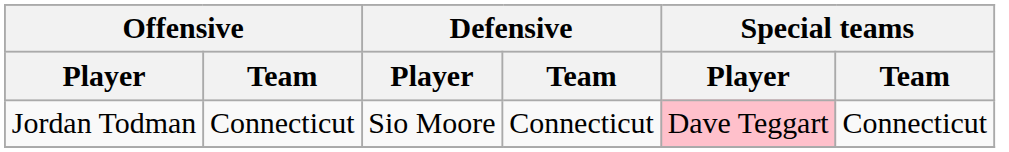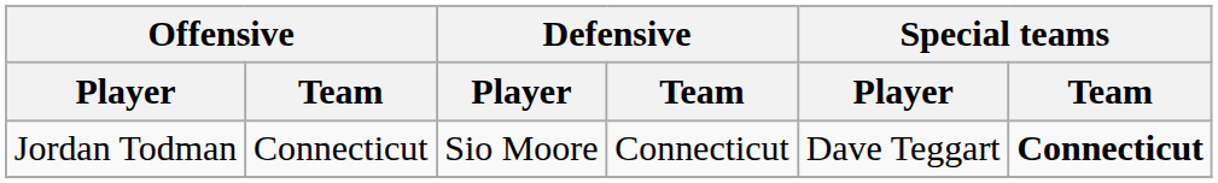 <table class="wikitable" border="1">
 <tr>
 <th colspan="2">Offensive</th>
 <th colspan="2">Defensive</th>
 <th colspan="2">Special teams</th>
 </tr>
 <tr>
 <th>Player</th>
 <th>Team</th>
 <th>Player</th>
 <th>Team</th>
 <th>Player</th>
 <th>Team</th>
 </tr>
 <tr>
 <td>Jordan Todman</td>
 <td>Connecticut</td>
 <td>Sio Moore</td>
 <td>Connecticut</td>
-<td style="background: pink;">Dave Teggart</td>
-<td>Connecticut</td>
+<td>Dave Teggart</td>
+<td><strong>Connecticut</strong></td>
 </tr>
 <tr>
 </tr>
 </table>
